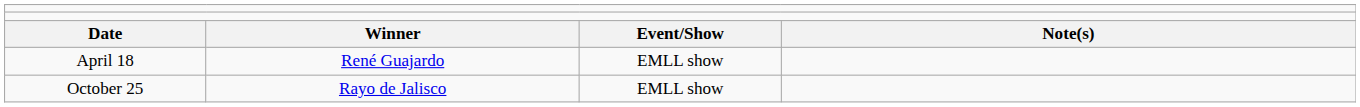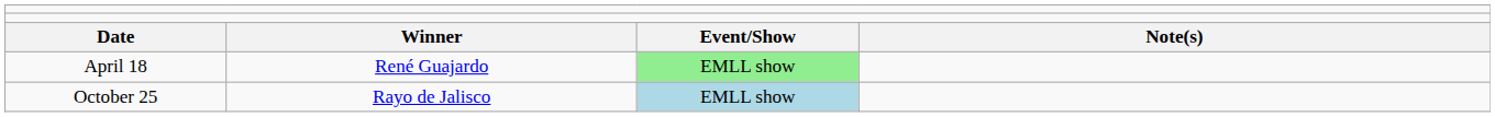 <table class="wikitable" style="text-align:center; width:100%;">
 <tr>
 <td colspan=5></td>
 </tr>
 <tr>
 <td colspan=5><strong></strong></td>
 </tr>
 <tr>
 <th width=14%>Date</th>
 <th width=26%>Winner</th>
 <th width=14%>Event/Show</th>
 <th width=40%>Note(s)</th>
 </tr>
 <tr>
 <td>April 18</td>
 <td><a href='#'>René Guajardo</a></td>
-<td>EMLL show</td>
+<td style="background: lightgreen;">EMLL show</td>
 <td align=left></td>
 </tr>
 <tr>
 <td>October 25</td>
 <td><a href='#'>Rayo de Jalisco</a></td>
-<td>EMLL show</td>
+<td style="background: lightblue;">EMLL show</td>
 <td align=left></td>
 </tr>
 </table>
